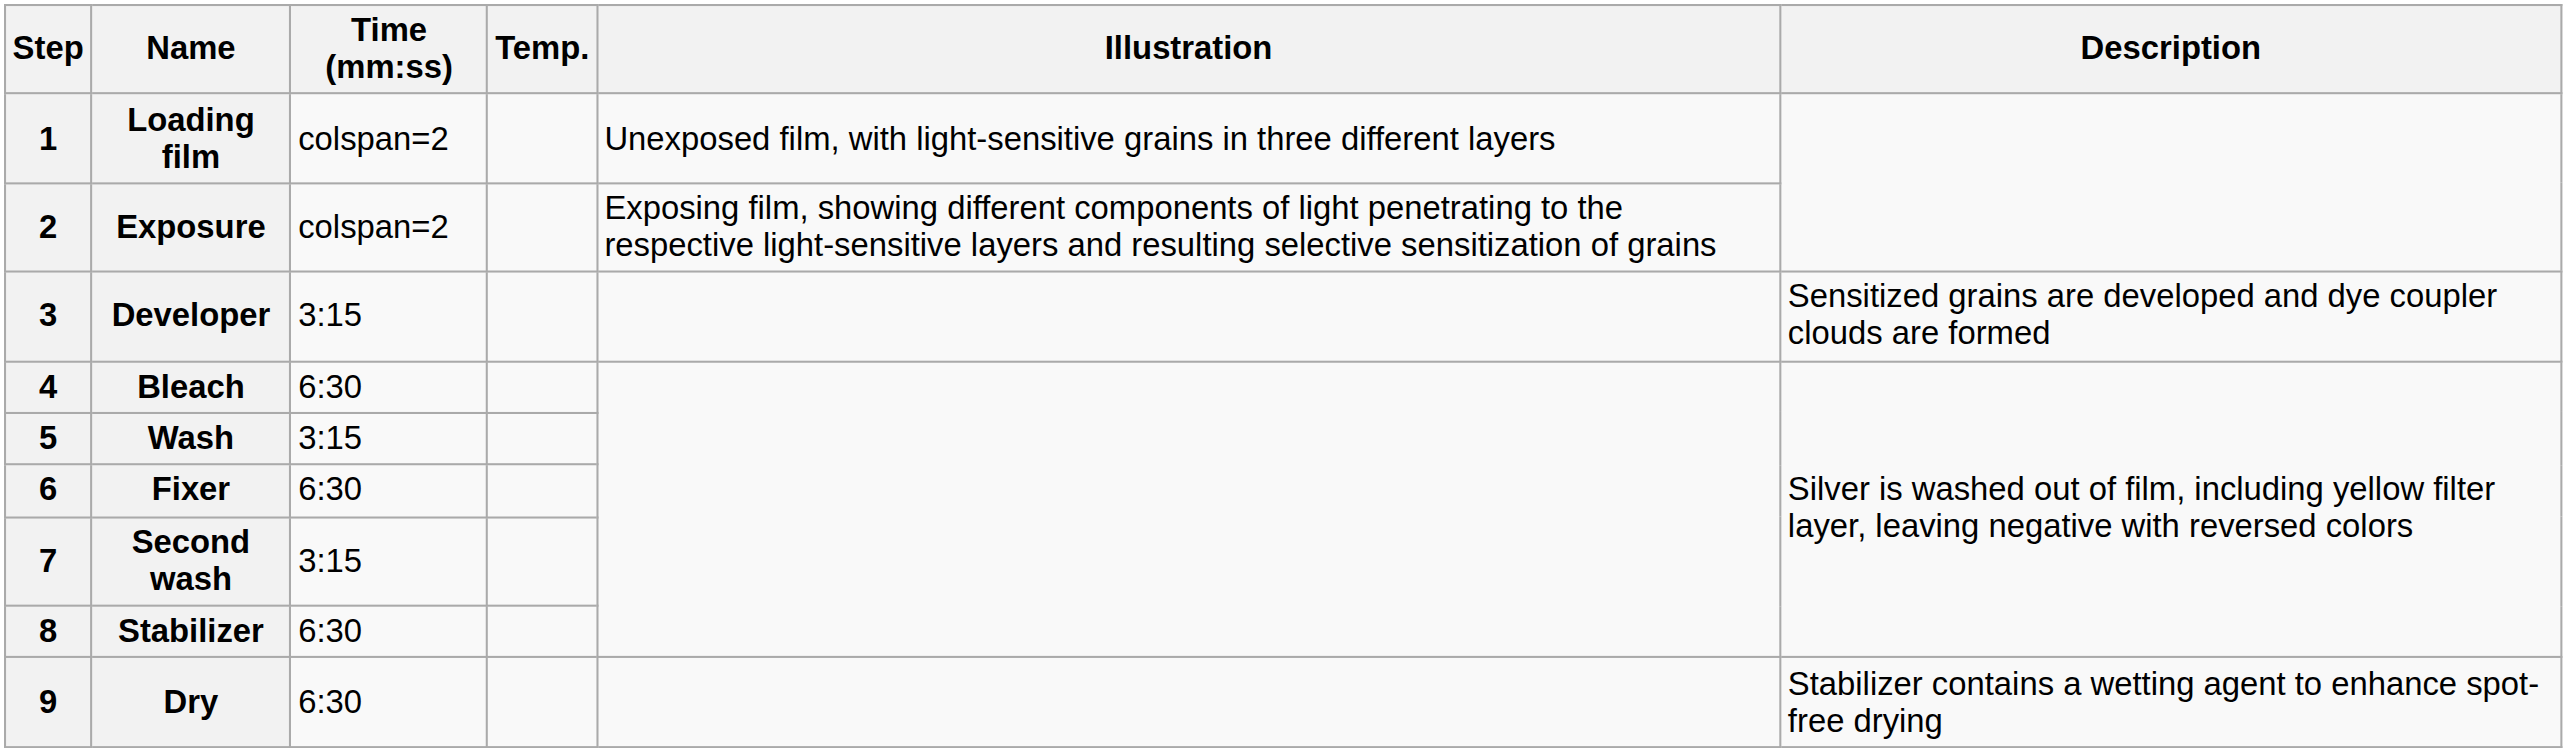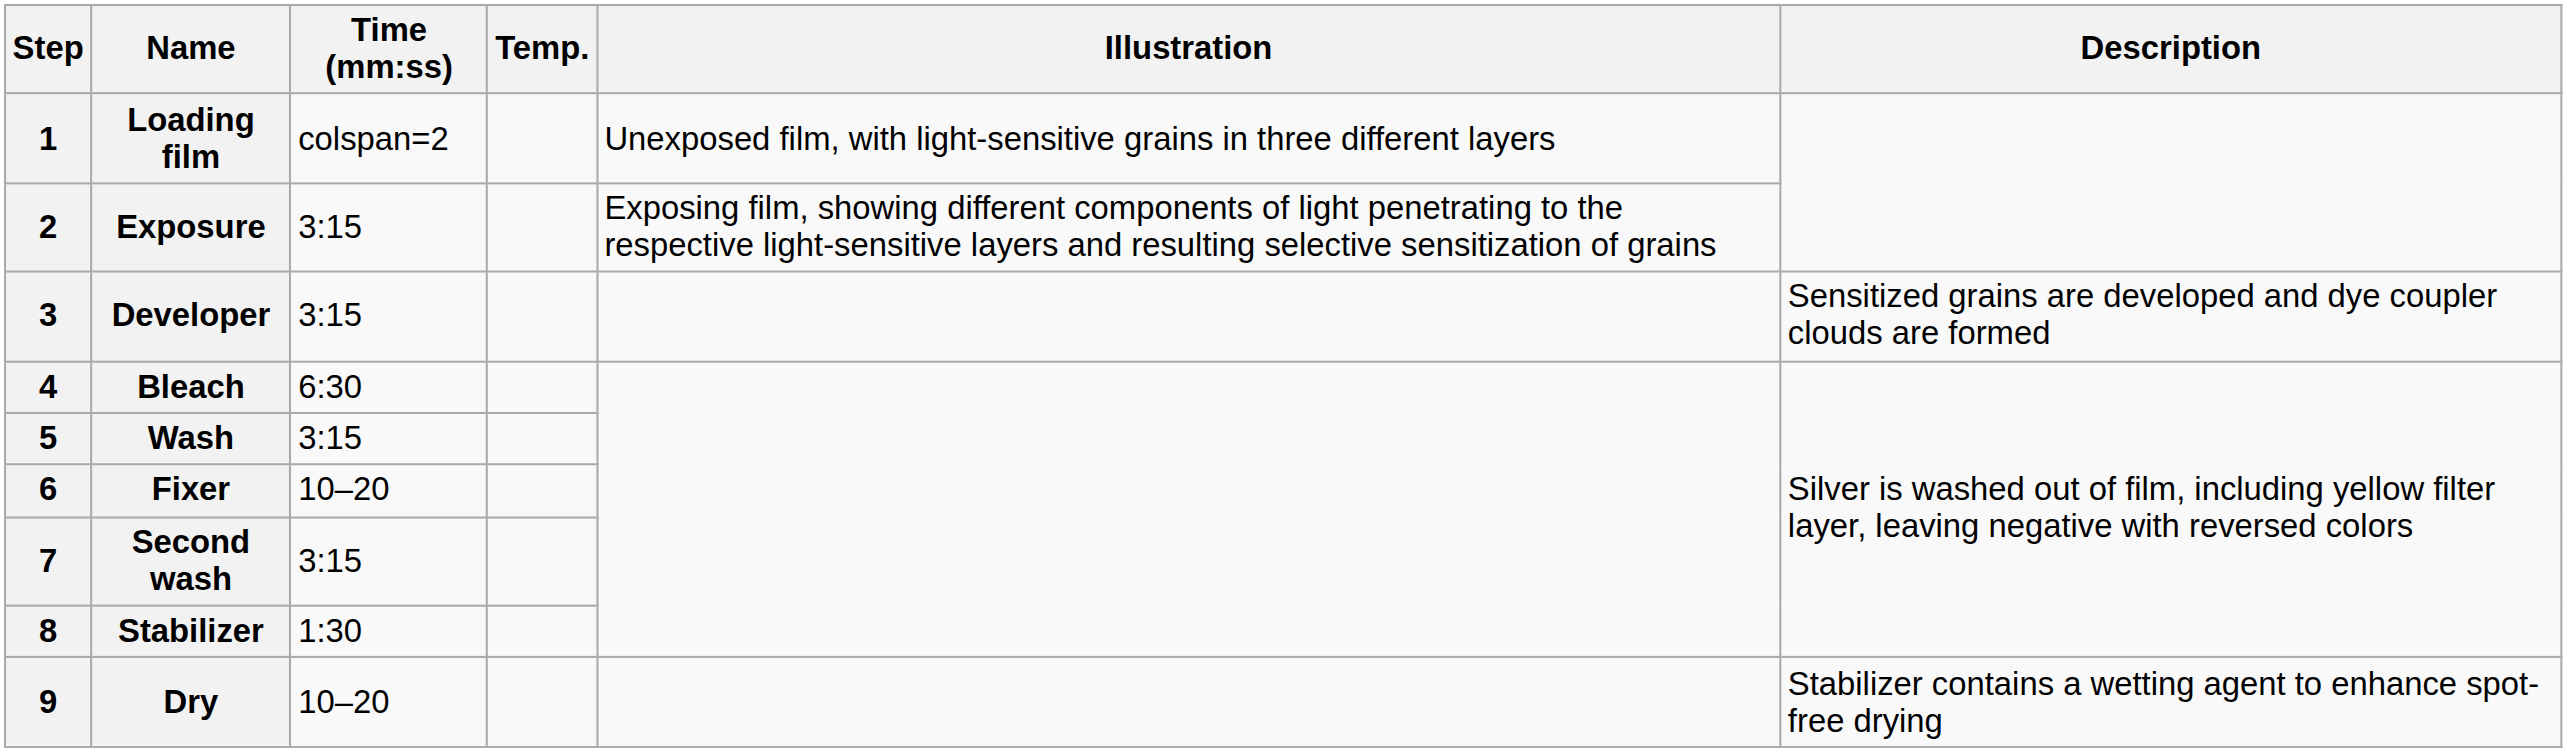 <table class="wikitable" style="font-size:100%;text-align:left;">
 <tr>
 <th>Step</th>
 <th>Name</th>
 <th>Time (mm:ss)</th>
 <th>Temp.</th>
 <th>Illustration</th>
 <th>Description</th>
 </tr>
 <tr>
 <th>1</th>
 <th>Loading film</th>
 <td>colspan=2 </td>
 <td></td>
 <td>Unexposed film, with light-sensitive grains in three different layers</td>
 </tr>
 <tr>
 <th>2</th>
 <th>Exposure</th>
-<td>colspan=2 </td>
+<td>3:15</td>
 <td></td>
 <td>Exposing film, showing different components of light penetrating to the respective light-sensitive layers and resulting selective sensitization of grains</td>
 </tr>
 <tr>
 <th>3</th>
 <th>Developer</th>
 <td>3:15</td>
 <td></td>
 <td></td>
 <td>Sensitized grains are developed and dye coupler clouds are formed</td>
 </tr>
 <tr>
 <th>4</th>
 <th>Bleach</th>
 <td>6:30</td>
 <td></td>
 <td rowspan=5></td>
 <td rowspan=5>Silver is washed out of film, including yellow filter layer, leaving negative with reversed colors</td>
 </tr>
 <tr>
 <th>5</th>
 <th>Wash</th>
 <td>3:15</td>
 <td></td>
 </tr>
 <tr>
 <th>6</th>
 <th>Fixer</th>
-<td>6:30</td>
+<td>10–20</td>
 <td></td>
 </tr>
 <tr>
 <th>7</th>
 <th>Second wash</th>
 <td>3:15</td>
 <td></td>
 </tr>
 <tr>
 <th>8</th>
 <th>Stabilizer</th>
-<td>6:30</td>
+<td>1:30</td>
 <td></td>
 </tr>
 <tr>
 <th>9</th>
 <th>Dry</th>
-<td>6:30</td>
+<td>10–20</td>
 <td></td>
 <td></td>
 <td>Stabilizer contains a wetting agent to enhance spot-free drying</td>
 </tr>
 </table>
